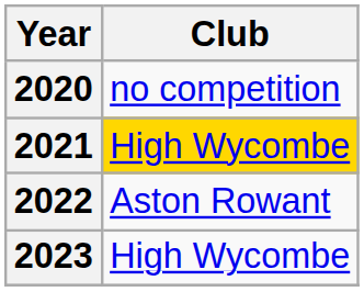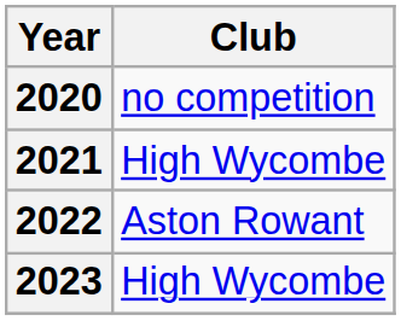 <table class="wikitable" style="font-size:85%">
 <tr>
 <th>Year</th>
 <th>Club</th>
 </tr>
 <tr>
 <th scope="row">2020</th>
 <td><a href='#'>no competition</a></td>
 </tr>
 <tr>
 <th scope="row">2021</th>
-<td style="background: gold;"><a href='#'>High Wycombe</a></td>
+<td><a href='#'>High Wycombe</a></td>
 </tr>
 <tr>
 <th scope="row">2022</th>
 <td><a href='#'>Aston Rowant</a></td>
 </tr>
 <tr>
 <th scope="row">2023</th>
 <td><a href='#'>High Wycombe</a></td>
 </tr>
 <tr>
 </tr>
 </table>
